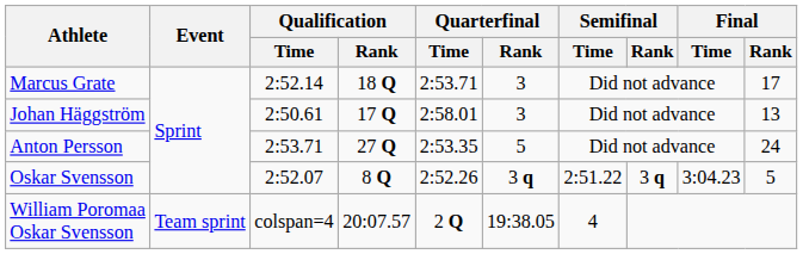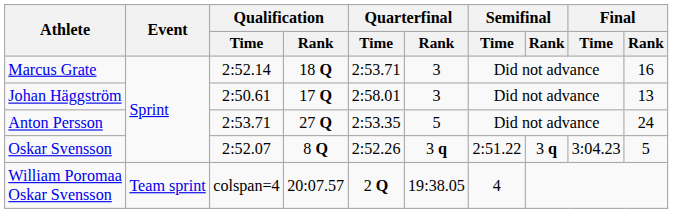 <table class="wikitable" style="font-size:90%">
 <tr>
 <th rowspan="2">Athlete</th>
 <th rowspan="2">Event</th>
 <th colspan="2">Qualification</th>
 <th colspan="2">Quarterfinal</th>
 <th colspan="2">Semifinal</th>
 <th colspan="2">Final</th>
 </tr>
 <tr style="font-size:95%">
 <th>Time</th>
 <th>Rank</th>
 <th>Time</th>
 <th>Rank</th>
 <th>Time</th>
 <th>Rank</th>
 <th>Time</th>
 <th>Rank</th>
 </tr>
 <tr align=center>
 <td align=left><a href='#'>Marcus Grate</a></td>
 <td align=left rowspan=4><a href='#'>Sprint</a></td>
 <td>2:52.14</td>
 <td>18 <strong>Q</strong></td>
 <td>2:53.71</td>
 <td>3</td>
 <td colspan=3>Did not advance</td>
-<td>17</td>
+<td>16</td>
 </tr>
 <tr align=center>
 <td align=left><a href='#'>Johan Häggström</a></td>
 <td>2:50.61</td>
 <td>17 <strong>Q</strong></td>
 <td>2:58.01</td>
 <td>3</td>
 <td colspan=3>Did not advance</td>
 <td>13</td>
 </tr>
 <tr align=center>
 <td align=left><a href='#'>Anton Persson</a></td>
 <td>2:53.71</td>
 <td>27 <strong>Q</strong></td>
 <td>2:53.35</td>
 <td>5</td>
 <td colspan=3>Did not advance</td>
 <td>24</td>
 </tr>
 <tr align=center>
 <td align=left><a href='#'>Oskar Svensson</a></td>
 <td>2:52.07</td>
 <td>8 <strong>Q</strong></td>
 <td>2:52.26</td>
 <td>3 <strong>q</strong></td>
 <td>2:51.22</td>
 <td>3 <strong>q</strong></td>
 <td>3:04.23</td>
 <td>5</td>
 </tr>
 <tr align=center>
 <td align=left><a href='#'>William Poromaa</a><br><a href='#'>Oskar Svensson</a></td>
 <td align=left><a href='#'>Team sprint</a></td>
 <td>colspan=4 </td>
 <td>20:07.57</td>
 <td>2 <strong>Q</strong></td>
 <td>19:38.05</td>
 <td>4</td>
 </tr>
 </table>
